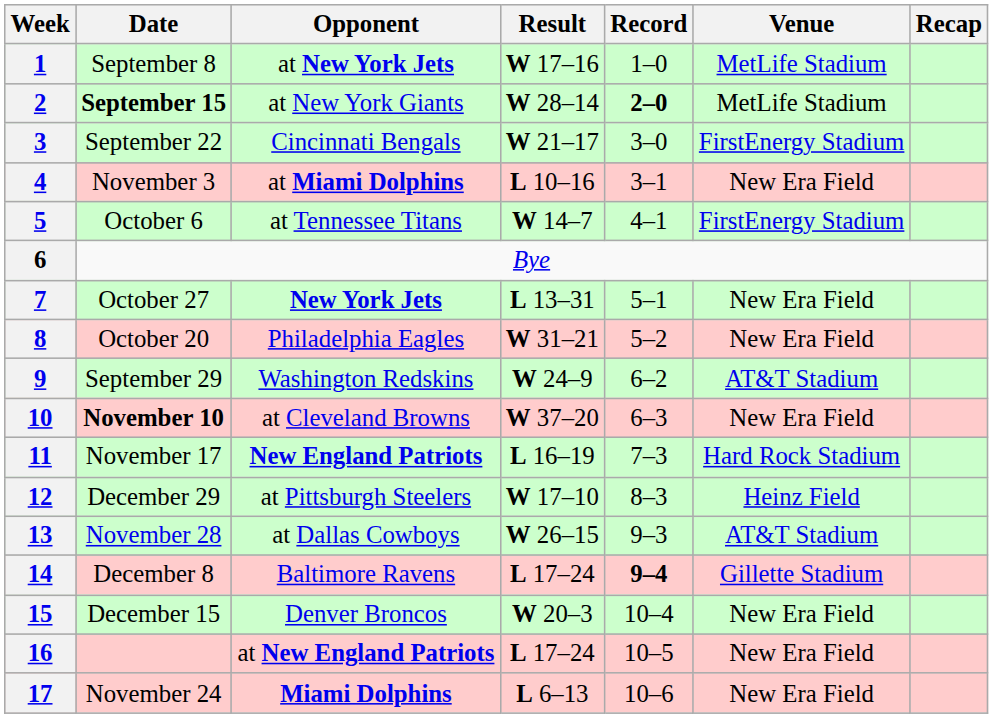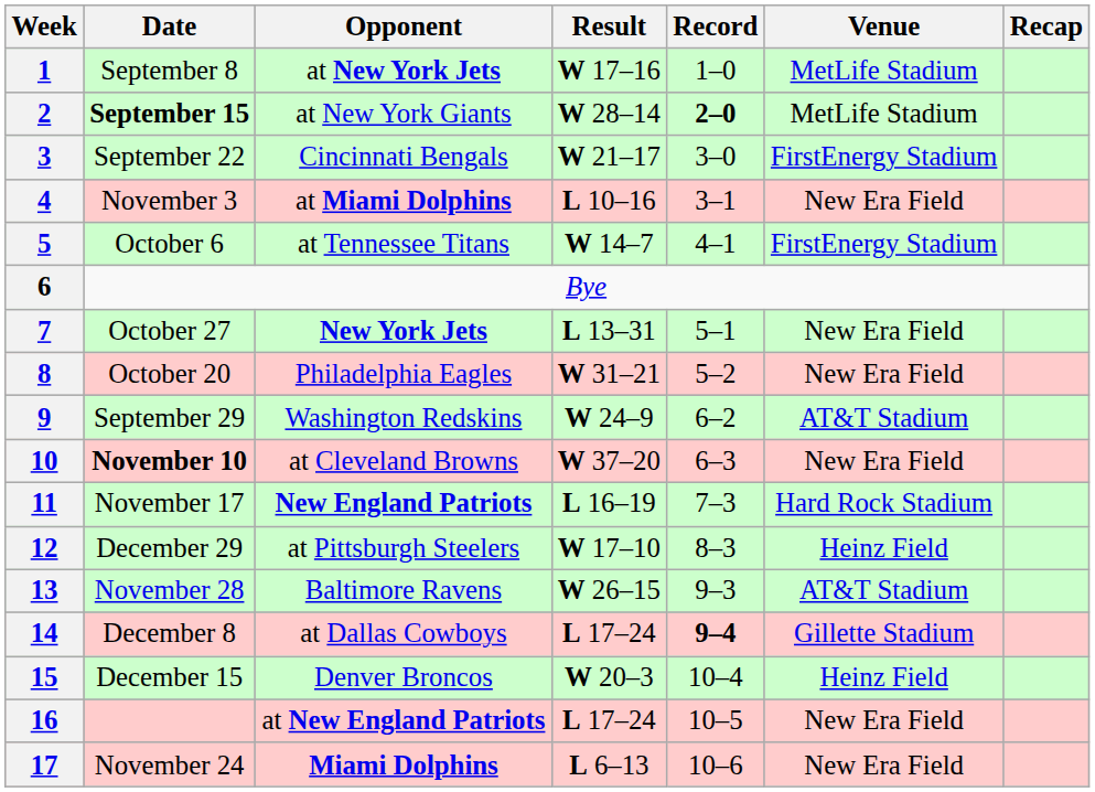 <table class="wikitable" style="text-align:center">
 <tr>
 <th>Week</th>
 <th>Date</th>
 <th>Opponent</th>
 <th>Result</th>
 <th>Record</th>
 <th>Venue</th>
 <th>Recap</th>
 </tr>
 <tr style="background:#cfc">
 <th><a href='#'>1</a></th>
 <td>September 8</td>
 <td>at <strong><a href='#'>New York Jets</a></strong></td>
 <td><strong>W</strong> 17–16</td>
 <td>1–0</td>
 <td><a href='#'>MetLife Stadium</a></td>
 <td></td>
 </tr>
 <tr style="background:#cfc">
 <th><a href='#'>2</a></th>
 <td><strong>September 15</strong></td>
 <td>at <a href='#'>New York Giants</a></td>
 <td><strong>W</strong> 28–14</td>
 <td><strong>2–0</strong></td>
 <td>MetLife Stadium</td>
 <td></td>
 </tr>
 <tr style="background:#cfc">
 <th><a href='#'>3</a></th>
 <td>September 22</td>
 <td><a href='#'>Cincinnati Bengals</a></td>
 <td><strong>W</strong> 21–17</td>
 <td>3–0</td>
 <td><a href='#'>FirstEnergy Stadium</a></td>
 <td></td>
 </tr>
 <tr style="background:#fcc">
 <th><a href='#'>4</a></th>
 <td>November 3</td>
 <td>at <strong><a href='#'>Miami Dolphins</a></strong></td>
 <td><strong>L</strong> 10–16</td>
 <td>3–1</td>
 <td>New Era Field</td>
 <td></td>
 </tr>
 <tr style="background:#cfc">
 <th><a href='#'>5</a></th>
 <td>October 6</td>
 <td>at <a href='#'>Tennessee Titans</a></td>
 <td><strong>W</strong> 14–7</td>
 <td>4–1</td>
 <td><a href='#'>FirstEnergy Stadium</a></td>
 <td></td>
 </tr>
 <tr>
 <th>6</th>
 <td colspan="6"><em><a href='#'>Bye</a></em></td>
 </tr>
 <tr style="background:#cfc">
 <th><a href='#'>7</a></th>
 <td>October 27</td>
 <td><strong><a href='#'>New York Jets</a></strong></td>
 <td><strong>L</strong> 13–31</td>
 <td>5–1</td>
 <td>New Era Field</td>
 <td></td>
 </tr>
 <tr style="background:#fcc">
 <th><a href='#'>8</a></th>
 <td>October 20</td>
 <td><a href='#'>Philadelphia Eagles</a></td>
 <td><strong>W</strong> 31–21</td>
 <td>5–2</td>
 <td>New Era Field</td>
 <td></td>
 </tr>
 <tr style= "background:#cfc">
 <th><a href='#'>9</a></th>
 <td>September 29</td>
 <td><a href='#'>Washington Redskins</a></td>
 <td><strong>W</strong> 24–9</td>
 <td>6–2</td>
 <td><a href='#'>AT&T Stadium</a></td>
 <td></td>
 </tr>
 <tr style="background:#fcc">
 <th><a href='#'>10</a></th>
 <td><strong>November 10</strong></td>
 <td>at <a href='#'>Cleveland Browns</a></td>
 <td><strong>W</strong> 37–20</td>
 <td>6–3</td>
 <td>New Era Field</td>
 <td></td>
 </tr>
 <tr style="background:#cfc">
 <th><a href='#'>11</a></th>
 <td>November 17</td>
 <td><strong><a href='#'>New England Patriots</a></strong></td>
 <td><strong>L</strong> 16–19</td>
 <td>7–3</td>
 <td><a href='#'>Hard Rock Stadium</a></td>
 <td></td>
 </tr>
 <tr style="background:#cfc">
 <th><a href='#'>12</a></th>
 <td>December 29</td>
 <td>at <a href='#'>Pittsburgh Steelers</a></td>
 <td><strong>W</strong> 17–10</td>
 <td>8–3</td>
 <td><a href='#'>Heinz Field</a></td>
 <td></td>
 </tr>
 <tr style="background:#cfc">
 <th><a href='#'>13</a></th>
 <td><a href='#'>November 28</a></td>
-<td>at <a href='#'>Dallas Cowboys</a></td>
+<td><a href='#'>Baltimore Ravens</a></td>
 <td><strong>W</strong> 26–15</td>
 <td>9–3</td>
 <td><a href='#'>AT&T Stadium</a></td>
 <td></td>
 </tr>
 <tr style="background:#fcc">
 <th><a href='#'>14</a></th>
 <td>December 8</td>
-<td><a href='#'>Baltimore Ravens</a></td>
+<td>at <a href='#'>Dallas Cowboys</a></td>
 <td><strong>L</strong> 17–24</td>
 <td><strong>9–4</strong></td>
 <td><a href='#'>Gillette Stadium</a></td>
 <td></td>
 </tr>
 <tr style="background:#cfc">
 <th><a href='#'>15</a></th>
 <td>December 15</td>
 <td><a href='#'>Denver Broncos</a></td>
 <td><strong>W</strong> 20–3</td>
 <td>10–4</td>
-<td>New Era Field</td>
+<td><a href='#'>Heinz Field</a></td>
 <td></td>
 </tr>
 <tr style="background:#fcc">
 <th><a href='#'>16</a></th>
 <td></td>
 <td>at <strong><a href='#'>New England Patriots</a></strong></td>
 <td><strong>L</strong> 17–24</td>
 <td>10–5</td>
 <td>New Era Field</td>
 <td></td>
 </tr>
 <tr style="background:#fcc">
 <th><a href='#'>17</a></th>
 <td>November 24</td>
 <td><strong><a href='#'>Miami Dolphins</a></strong></td>
 <td><strong>L</strong> 6–13</td>
 <td>10–6</td>
 <td>New Era Field</td>
 <td></td>
 </tr>
 </table>
